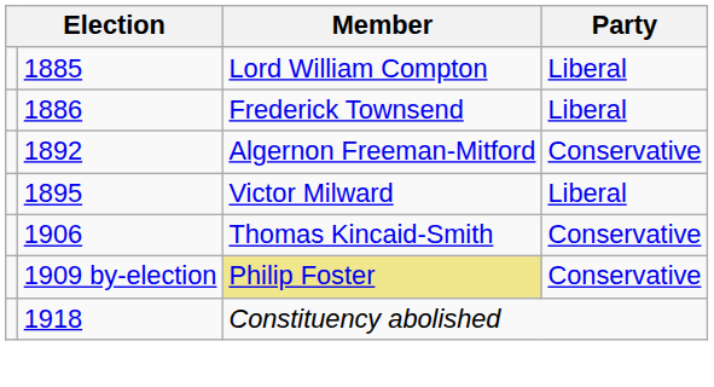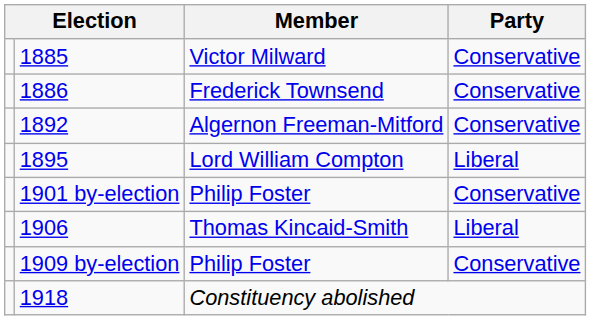 <table class="wikitable">
 <tr>
 <th colspan="2">Election</th>
 <th>Member</th>
 <th>Party</th>
 </tr>
 <tr>
 <td style="color:inherit;background-color: "></td>
 <td><a href='#'>1885</a></td>
-<td><a href='#'>Lord William Compton</a></td>
-<td><a href='#'>Liberal</a></td>
+<td><a href='#'>Victor Milward</a></td>
+<td><a href='#'>Conservative</a></td>
 </tr>
 <tr>
 <td style="color:inherit;background-color: "></td>
 <td><a href='#'>1886</a></td>
 <td><a href='#'>Frederick Townsend</a></td>
-<td><a href='#'>Liberal</a></td>
+<td><a href='#'>Conservative</a></td>
 </tr>
 <tr>
 <td style="color:inherit;background-color: "></td>
 <td><a href='#'>1892</a></td>
 <td><a href='#'>Algernon Freeman-Mitford</a></td>
 <td><a href='#'>Conservative</a></td>
 </tr>
 <tr>
 <td style="color:inherit;background-color: "></td>
 <td><a href='#'>1895</a></td>
-<td><a href='#'>Victor Milward</a></td>
+<td><a href='#'>Lord William Compton</a></td>
 <td><a href='#'>Liberal</a></td>
+</tr>
+<tr>
+<td style="color:inherit;background-color: "></td>
+<td><a href='#'>1901 by-election</a></td>
+<td><a href='#'>Philip Foster</a></td>
+<td><a href='#'>Conservative</a></td>
 </tr>
 <tr>
 <td style="color:inherit;background-color: "></td>
 <td><a href='#'>1906</a></td>
 <td><a href='#'>Thomas Kincaid-Smith</a></td>
-<td><a href='#'>Conservative</a></td>
+<td><a href='#'>Liberal</a></td>
 </tr>
 <tr>
 <td style="color:inherit;background-color: "></td>
 <td><a href='#'>1909 by-election</a></td>
-<td style="background: khaki;"><a href='#'>Philip Foster</a></td>
+<td><a href='#'>Philip Foster</a></td>
 <td><a href='#'>Conservative</a></td>
 </tr>
 <tr>
 <td></td>
 <td><a href='#'>1918</a></td>
 <td colspan="2"><em>Constituency abolished</em></td>
 </tr>
 </table>
